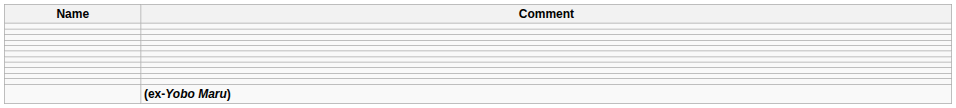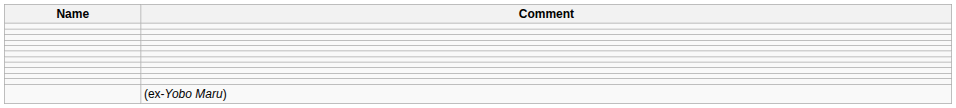 <table class="wikitable" width="100%">
 <tr>
 <th width="175">Name</th>
 <th>Comment</th>
 </tr>
 <tr>
 <td></td>
 <td></td>
 </tr>
 <tr>
 <td></td>
 <td></td>
 </tr>
 <tr>
 <td></td>
 <td></td>
 </tr>
 <tr>
 <td></td>
 <td></td>
 </tr>
 <tr>
 <td></td>
 <td></td>
 </tr>
 <tr>
 <td></td>
 <td></td>
 </tr>
 <tr>
 <td></td>
 <td></td>
 </tr>
 <tr>
 <td></td>
 <td></td>
 </tr>
 <tr>
 <td></td>
 <td></td>
 </tr>
 <tr>
 <td></td>
 <td></td>
 </tr>
 <tr>
 <td></td>
 <td></td>
 </tr>
 <tr>
 <td></td>
-<td><strong>(ex-<em>Yobo Maru</em>)</strong></td>
+<td>(ex-<em>Yobo Maru</em>)</td>
 </tr>
 </table>
